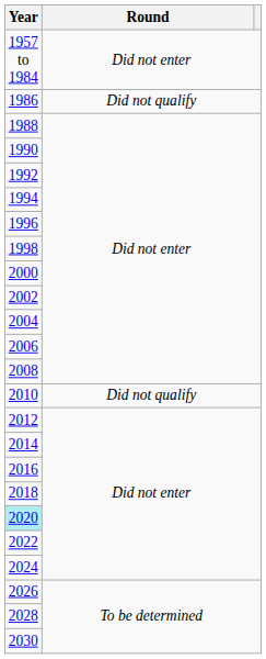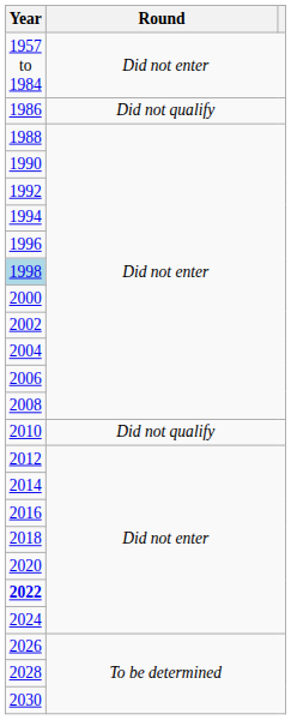 <table class="wikitable" style="text-align: center; font-size:90%">
 <tr>
 <th>Year</th>
 <th style="width:200px">Round</th>
 <th></th>
 </tr>
 <tr>
 <td><a href='#'>1957</a><br>to<br><a href='#'>1984</a></td>
 <td colspan="2"><em>Did not enter</em></td>
 </tr>
 <tr>
 <td><a href='#'>1986</a></td>
 <td colspan="2"><em>Did not qualify</em></td>
 </tr>
 <tr>
 <td><a href='#'>1988</a></td>
 <td colspan="2" rowspan="11"><em>Did not enter</em></td>
 </tr>
 <tr>
 <td><a href='#'>1990</a></td>
 </tr>
 <tr>
 <td><a href='#'>1992</a></td>
 </tr>
 <tr>
 <td><a href='#'>1994</a></td>
 </tr>
 <tr>
 <td><a href='#'>1996</a></td>
 </tr>
 <tr>
-<td><a href='#'>1998</a></td>
+<td style="background: lightblue;"><a href='#'>1998</a></td>
 </tr>
 <tr>
 <td><a href='#'>2000</a></td>
 </tr>
 <tr>
 <td><a href='#'>2002</a></td>
 </tr>
 <tr>
 <td><a href='#'>2004</a></td>
 </tr>
 <tr>
 <td><a href='#'>2006</a></td>
 </tr>
 <tr>
 <td><a href='#'>2008</a></td>
 </tr>
 <tr>
 <td><a href='#'>2010</a></td>
 <td colspan="2"><em>Did not qualify</em></td>
 </tr>
 <tr>
 <td><a href='#'>2012</a></td>
 <td colspan="2" rowspan="7"><em>Did not enter</em></td>
 </tr>
 <tr>
 <td><a href='#'>2014</a></td>
 </tr>
 <tr>
 <td><a href='#'>2016</a></td>
 </tr>
 <tr>
 <td><a href='#'>2018</a></td>
 </tr>
 <tr>
-<td style="background: paleturquoise;"><a href='#'>2020</a></td>
+<td><a href='#'>2020</a></td>
 </tr>
 <tr>
-<td><a href='#'>2022</a></td>
+<td><strong><a href='#'>2022</a></strong></td>
 </tr>
 <tr>
 <td><a href='#'>2024</a></td>
 </tr>
 <tr>
 <td><a href='#'>2026</a></td>
 <td colspan="2" rowspan="3"><em>To be determined</em></td>
 </tr>
 <tr>
 <td><a href='#'>2028</a></td>
 </tr>
 <tr>
 <td><a href='#'>2030</a></td>
 </tr>
 </table>
